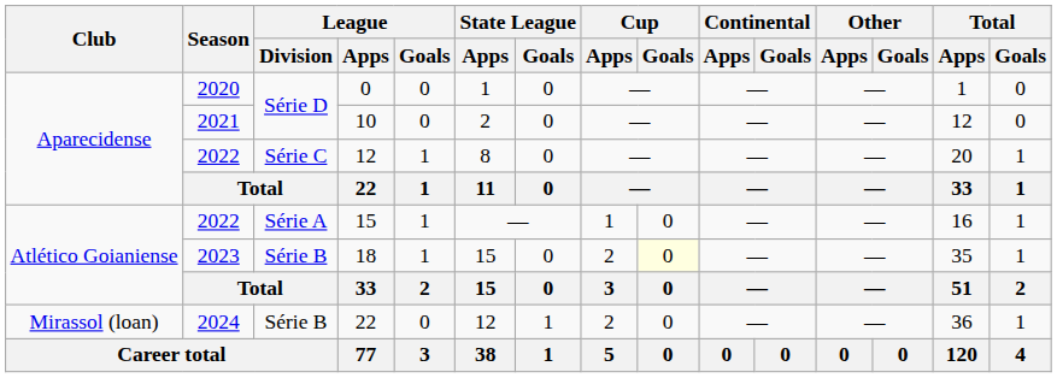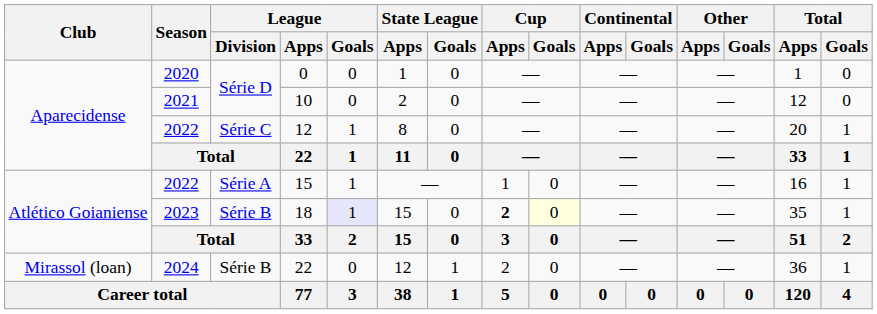 <table class="wikitable" style="text-align: center;">
 <tr>
 <th rowspan="2">Club</th>
 <th rowspan="2">Season</th>
 <th colspan="3">League</th>
 <th colspan="2">State League</th>
 <th colspan="2">Cup</th>
 <th colspan="2">Continental</th>
 <th colspan="2">Other</th>
 <th colspan="2">Total</th>
 </tr>
 <tr>
 <th>Division</th>
 <th>Apps</th>
 <th>Goals</th>
 <th>Apps</th>
 <th>Goals</th>
 <th>Apps</th>
 <th>Goals</th>
 <th>Apps</th>
 <th>Goals</th>
 <th>Apps</th>
 <th>Goals</th>
 <th>Apps</th>
 <th>Goals</th>
 </tr>
 <tr>
 <td rowspan="4"><a href='#'>Aparecidense</a></td>
 <td><a href='#'>2020</a></td>
 <td rowspan="2"><a href='#'>Série D</a></td>
 <td>0</td>
 <td>0</td>
 <td>1</td>
 <td>0</td>
 <td colspan="2">—</td>
 <td colspan="2">—</td>
 <td colspan="2">—</td>
 <td>1</td>
 <td>0</td>
 </tr>
 <tr>
 <td><a href='#'>2021</a></td>
 <td>10</td>
 <td>0</td>
 <td>2</td>
 <td>0</td>
 <td colspan="2">—</td>
 <td colspan="2">—</td>
 <td colspan="2">—</td>
 <td>12</td>
 <td>0</td>
 </tr>
 <tr>
 <td><a href='#'>2022</a></td>
 <td><a href='#'>Série C</a></td>
 <td>12</td>
 <td>1</td>
 <td>8</td>
 <td>0</td>
 <td colspan="2">—</td>
 <td colspan="2">—</td>
 <td colspan="2">—</td>
 <td>20</td>
 <td>1</td>
 </tr>
 <tr>
 <th colspan="2">Total</th>
 <th>22</th>
 <th>1</th>
 <th>11</th>
 <th>0</th>
 <th colspan="2">—</th>
 <th colspan="2">—</th>
 <th colspan="2">—</th>
 <th>33</th>
 <th>1</th>
 </tr>
 <tr>
 <td rowspan="3"><a href='#'>Atlético Goianiense</a></td>
 <td><a href='#'>2022</a></td>
 <td><a href='#'>Série A</a></td>
 <td>15</td>
 <td>1</td>
 <td colspan="2">—</td>
 <td>1</td>
 <td>0</td>
 <td colspan="2">—</td>
 <td colspan="2">—</td>
 <td>16</td>
 <td>1</td>
 </tr>
 <tr>
 <td><a href='#'>2023</a></td>
 <td><a href='#'>Série B</a></td>
 <td>18</td>
-<td>1</td>
+<td style="background: lavender;">1</td>
 <td>15</td>
 <td>0</td>
-<td>2</td>
+<td><strong>2</strong></td>
 <td style="background: lightyellow;">0</td>
 <td colspan="2">—</td>
 <td colspan="2">—</td>
 <td>35</td>
 <td>1</td>
 </tr>
 <tr>
 <th colspan="2">Total</th>
 <th>33</th>
 <th>2</th>
 <th>15</th>
 <th>0</th>
 <th>3</th>
 <th>0</th>
 <th colspan="2">—</th>
 <th colspan="2">—</th>
 <th>51</th>
 <th>2</th>
 </tr>
 <tr>
 <td><a href='#'>Mirassol</a> (loan)</td>
 <td><a href='#'>2024</a></td>
 <td>Série B</td>
 <td>22</td>
 <td>0</td>
 <td>12</td>
 <td>1</td>
 <td>2</td>
 <td>0</td>
 <td colspan="2">—</td>
 <td colspan="2">—</td>
 <td>36</td>
 <td>1</td>
 </tr>
 <tr>
 <th colspan="3">Career total</th>
 <th>77</th>
 <th>3</th>
 <th>38</th>
 <th>1</th>
 <th>5</th>
 <th>0</th>
 <th>0</th>
 <th>0</th>
 <th>0</th>
 <th>0</th>
 <th>120</th>
 <th>4</th>
 </tr>
 </table>
